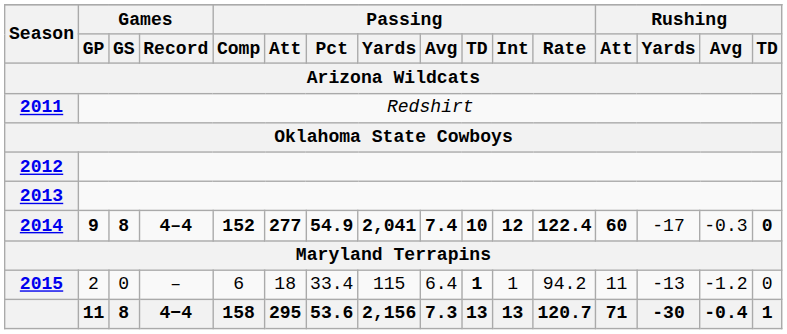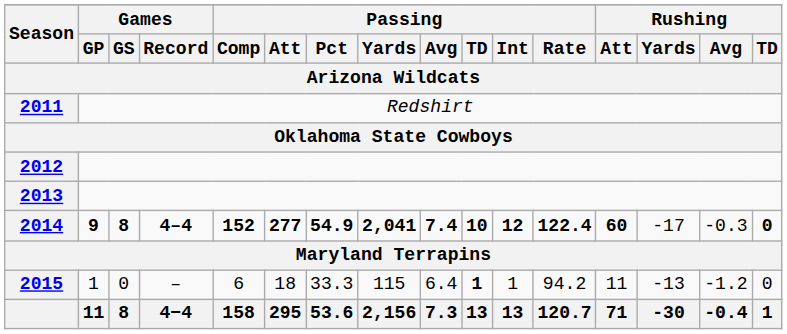 <table class="wikitable" style="text-align:center;">
 <tr College statistics>
 </tr>
 <tr>
 <th rowspan="2">Season</th>
 <th colspan="3">Games</th>
 <th colspan="8">Passing</th>
 <th colspan="5">Rushing</th>
 </tr>
 <tr>
 <th>GP</th>
 <th>GS</th>
 <th>Record</th>
 <th>Comp</th>
 <th>Att</th>
 <th>Pct</th>
 <th>Yards</th>
 <th>Avg</th>
 <th>TD</th>
 <th>Int</th>
 <th>Rate</th>
 <th>Att</th>
 <th>Yards</th>
 <th>Avg</th>
 <th>TD</th>
 </tr>
 <tr>
 <th colspan="16">Arizona Wildcats</th>
 </tr>
 <tr>
 <th><a href='#'>2011</a></th>
 <td colspan="15"><em>Redshirt </em></td>
 </tr>
 <tr>
 <th colspan="16">Oklahoma State Cowboys</th>
 </tr>
 <tr>
 <th><a href='#'>2012</a></th>
 <td colspan="15"></td>
 </tr>
 <tr>
 <th><a href='#'>2013</a></th>
 <td colspan="15"></td>
 </tr>
 <tr>
 <th><a href='#'>2014</a></th>
 <td><strong>9</strong></td>
 <td><strong>8</strong></td>
 <td><strong>4–4</strong></td>
 <td><strong>152</strong></td>
 <td><strong>277</strong></td>
 <td><strong>54.9</strong></td>
 <td><strong>2,041</strong></td>
 <td><strong>7.4</strong></td>
 <td><strong>10</strong></td>
 <td><strong>12</strong></td>
 <td><strong>122.4</strong></td>
 <td><strong>60</strong></td>
 <td>-17</td>
 <td>-0.3</td>
 <td><strong>0</strong></td>
 </tr>
 <tr>
 <th colspan="16">Maryland Terrapins</th>
 </tr>
 <tr>
 <th><a href='#'>2015</a></th>
-<td>2</td>
+<td>1</td>
 <td>0</td>
 <td>–</td>
 <td>6</td>
 <td>18</td>
-<td>33.4</td>
+<td>33.3</td>
 <td>115</td>
 <td>6.4</td>
 <td><strong>1</strong></td>
 <td>1</td>
 <td>94.2</td>
 <td>11</td>
 <td>-13</td>
 <td>-1.2</td>
 <td>0</td>
 </tr>
 <tr>
 <th></th>
 <th>11</th>
 <th>8</th>
 <th>4−4</th>
 <th>158</th>
 <th>295</th>
 <th>53.6</th>
 <th>2,156</th>
 <th>7.3</th>
 <th>13</th>
 <th>13</th>
 <th>120.7</th>
 <th>71</th>
 <th>-30</th>
 <th>-0.4</th>
 <th>1</th>
 </tr>
 </table>
